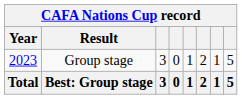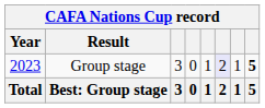 <table class="wikitable" style="text-align: center;">
 <tr>
 <th colspan=8><a href='#'>CAFA Nations Cup</a> record</th>
 </tr>
 <tr>
 <th>Year</th>
 <th>Result</th>
 <th></th>
 <th></th>
 <th></th>
 <th></th>
 <th></th>
 <th></th>
 </tr>
 <tr>
 <td>  <a href='#'>2023</a></td>
 <td>Group stage</td>
 <td>3</td>
 <td>0</td>
 <td>1</td>
-<td>2</td>
+<td style="background: lavender;">2</td>
 <td>1</td>
-<td>5</td>
+<td><strong>5</strong></td>
 </tr>
 <tr>
 <th>Total</th>
 <th>Best: Group stage</th>
 <th>3</th>
 <th>0</th>
 <th>1</th>
 <th>2</th>
 <th>1</th>
 <th>5</th>
 </tr>
 </table>
